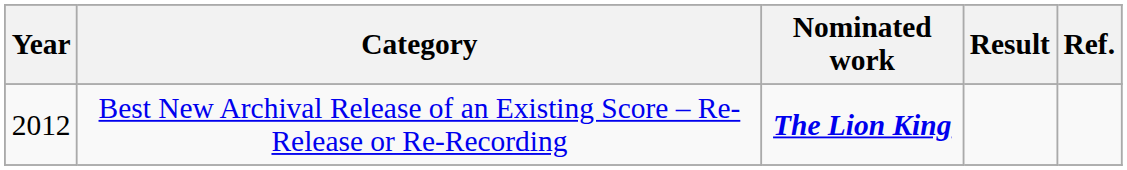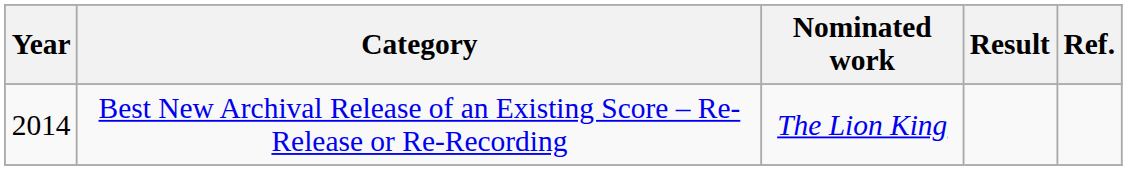 <table class="wikitable plainrowheaders" style="text-align:center;">
 <tr>
 <th>Year</th>
 <th>Category</th>
 <th>Nominated work</th>
 <th>Result</th>
 <th>Ref.</th>
 </tr>
 <tr>
-<td>2012</td>
+<td>2014</td>
 <td><a href='#'>Best New Archival Release of an Existing Score – Re-Release or Re-Recording</a></td>
-<td><strong><em><a href='#'>The Lion King</a></em></strong></td>
+<td><em><a href='#'>The Lion King</a></em></td>
 <td></td>
 <td></td>
 </tr>
 </table>
